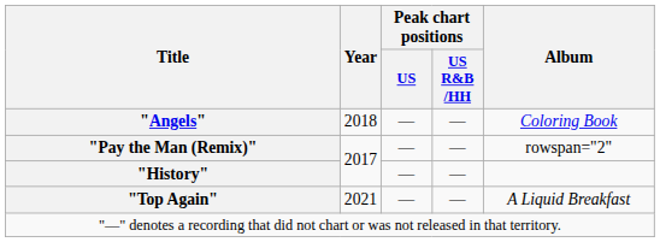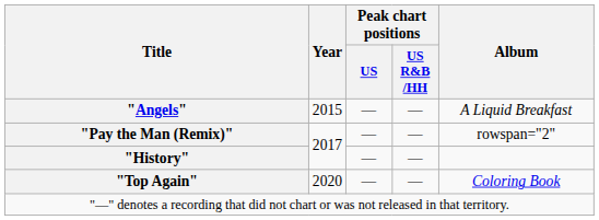 <table class="wikitable plainrowheaders" style="text-align:center;">
 <tr>
 <th scope="col" rowspan="2" style="width:20em;">Title</th>
 <th scope="col" rowspan="2" style="width:1em;">Year</th>
 <th scope="col" colspan="2">Peak chart positions</th>
 <th scope="col" rowspan="2" style="width:10em;">Album</th>
 </tr>
 <tr>
 <th scope="col" style="width:3em;font-size:90%;"><a href='#'>US</a><br></th>
 <th scope="col" style="width:3em;font-size:90%;"><a href='#'>US<br>R&B<br>/HH</a><br></th>
 </tr>
 <tr>
 <th scope="row">"<a href='#'>Angels</a>"<br></th>
-<td>2018</td>
+<td>2015</td>
 <td>—</td>
 <td>—</td>
-<td><em><a href='#'>Coloring Book</a></em></td>
+<td><em>A Liquid Breakfast</em></td>
 </tr>
 <tr>
 <th scope="row">"Pay the Man (Remix)"<br></th>
 <td rowspan="2">2017</td>
 <td>—</td>
 <td>—</td>
 <td>rowspan="2" </td>
 </tr>
 <tr>
 <th scope="row">"History"<br></th>
 <td>—</td>
 <td>—</td>
 </tr>
 <tr>
 <th scope="row">"Top Again"<br></th>
-<td>2021</td>
+<td>2020</td>
 <td>—</td>
 <td>—</td>
-<td><em>A Liquid Breakfast</em></td>
+<td><em><a href='#'>Coloring Book</a></em></td>
 </tr>
 <tr>
 <td colspan="14" style="font-size:90%">"—" denotes a recording that did not chart or was not released in that territory.</td>
 </tr>
 </table>
